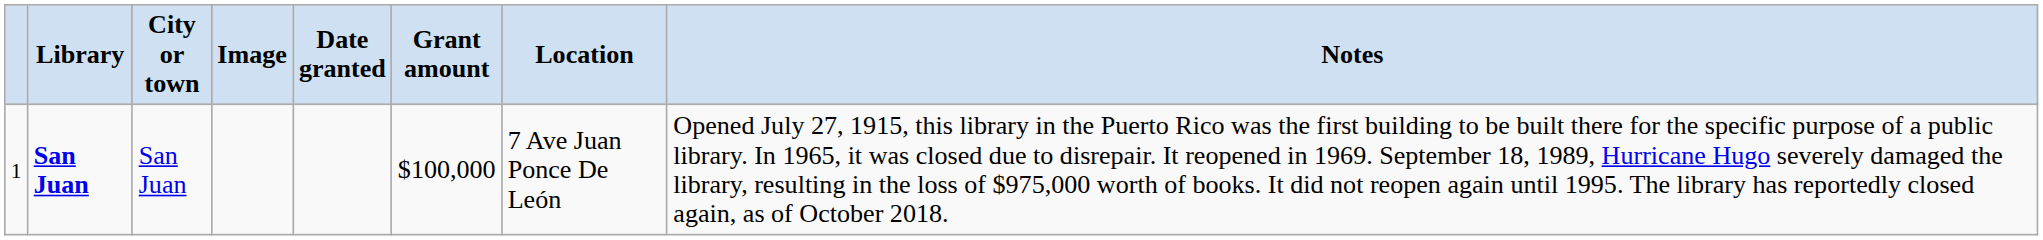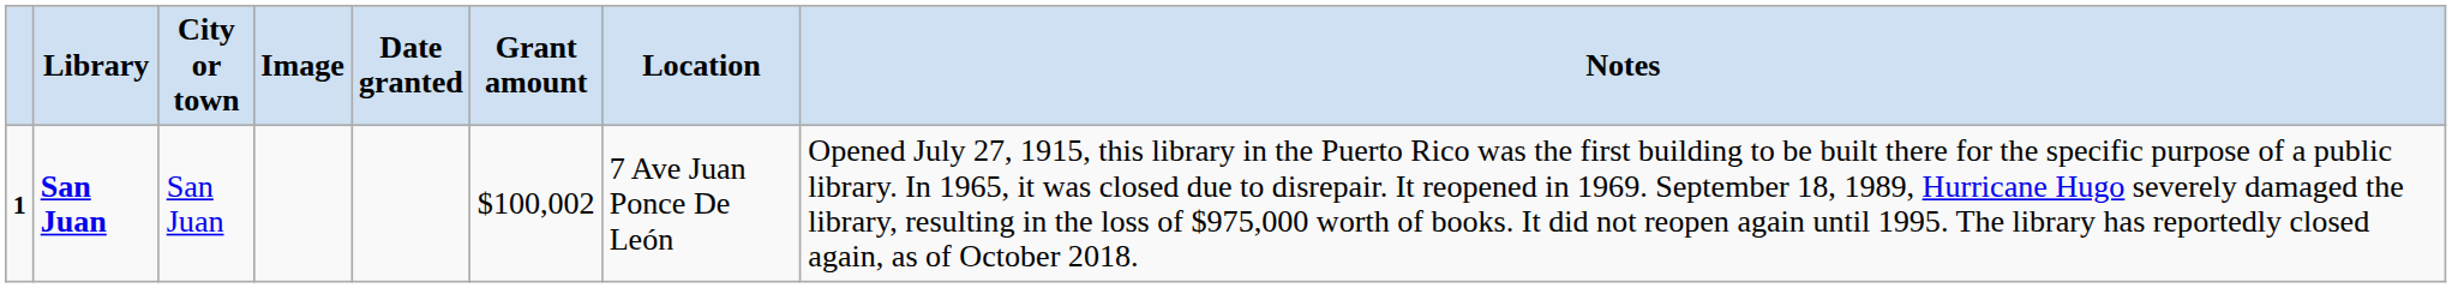 <table class="wikitable sortable" align="center">
 <tr>
 <th style="background-color:#CEE0F2;"></th>
 <th style="background-color:#CEE0F2;">Library</th>
 <th style="background-color:#CEE0F2;">City or<br>town</th>
 <th style="background-color:#CEE0F2;" class="unsortable">Image</th>
 <th style="background-color:#CEE0F2;">Date<br>granted</th>
 <th style="background-color:#CEE0F2;">Grant<br>amount</th>
 <th style="background-color:#CEE0F2;">Location</th>
 <th style="background-color:#CEE0F2;" class="unsortable">Notes</th>
 </tr>
 <tr ->
-<td align=center><small>1</small></td>
+<td align=center><strong><small>1</small></strong></td>
 <td><strong><a href='#'>San Juan</a></strong></td>
 <td><a href='#'>San Juan</a></td>
 <td></td>
 <td></td>
-<td>$100,000</td>
+<td>$100,002</td>
 <td>7 Ave Juan Ponce De León<br><small></small></td>
 <td>Opened July 27, 1915, this library in the Puerto Rico was the first building to be built there for the specific purpose of a public library. In 1965, it was closed due to disrepair. It reopened in 1969. September 18, 1989, <a href='#'>Hurricane Hugo</a> severely damaged the library, resulting in the loss of $975,000 worth of books. It did not reopen again until 1995. The library has reportedly closed again, as of October 2018. </td>
 </tr>
 </table>
